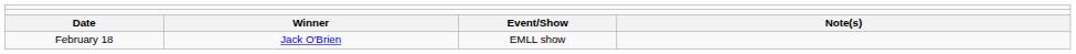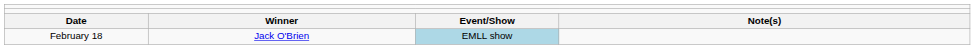 <table class="wikitable" style="text-align:center; width:100%;">
 <tr>
 <td colspan=5></td>
 </tr>
 <tr>
 <td colspan=5><strong></strong></td>
 </tr>
 <tr>
 <th width=14%>Date</th>
 <th width=26%>Winner</th>
 <th width=14%>Event/Show</th>
 <th width=40%>Note(s)</th>
 </tr>
 <tr>
 <td>February 18</td>
 <td><a href='#'>Jack O'Brien</a></td>
-<td>EMLL show</td>
+<td style="background: lightblue;">EMLL show</td>
 <td align=left></td>
 </tr>
 </table>
